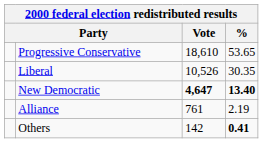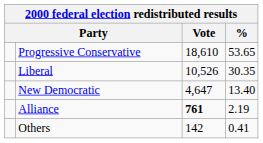 <table class="wikitable">
 <tr>
 <th colspan="4"><a href='#'>2000 federal election</a> redistributed results</th>
 </tr>
 <tr>
 <th bgcolor="#DDDDFF" width="230px" colspan="2">Party</th>
 <th bgcolor="#DDDDFF" width="50px">Vote</th>
 <th bgcolor="#DDDDFF" width="30px">%</th>
 </tr>
 <tr>
 <td> </td>
 <td><a href='#'>Progressive Conservative</a></td>
 <td>18,610</td>
 <td>53.65</td>
 </tr>
 <tr>
 <td> </td>
 <td><a href='#'>Liberal</a></td>
 <td>10,526</td>
 <td>30.35</td>
 </tr>
 <tr>
 <td> </td>
 <td><a href='#'>New Democratic</a></td>
-<td><strong>4,647</strong></td>
-<td><strong>13.40</strong></td>
+<td>4,647</td>
+<td>13.40</td>
 </tr>
 <tr>
 <td> </td>
 <td><a href='#'>Alliance</a></td>
-<td>761</td>
+<td><strong>761</strong></td>
 <td>2.19</td>
 </tr>
 <tr>
 <td> </td>
 <td>Others</td>
 <td>142</td>
-<td><strong>0.41</strong></td>
+<td>0.41</td>
 </tr>
 </table>
